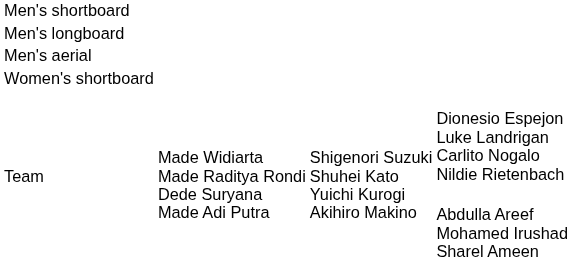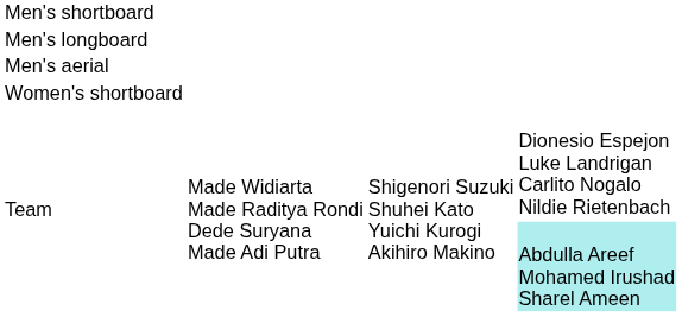 <table>
 <tr>
 <td rowspan=2>Men's shortboard</td>
 <td rowspan=2></td>
 <td rowspan=2></td>
 <td></td>
 </tr>
 <tr>
 <td></td>
 </tr>
 <tr>
 <td rowspan=2>Men's longboard</td>
 <td rowspan=2></td>
 <td rowspan=2></td>
 <td></td>
 </tr>
 <tr>
 <td></td>
 </tr>
 <tr>
 <td rowspan=2>Men's aerial</td>
 <td rowspan=2></td>
 <td rowspan=2></td>
 <td></td>
 </tr>
 <tr>
 <td></td>
 </tr>
 <tr>
 <td rowspan=2>Women's shortboard</td>
 <td rowspan=2></td>
 <td rowspan=2></td>
 <td></td>
 </tr>
 <tr>
 <td></td>
 </tr>
 <tr>
 <td rowspan=2>Team</td>
 <td rowspan=2><br>Made Widiarta<br>Made Raditya Rondi<br>Dede Suryana<br>Made Adi Putra</td>
 <td rowspan=2><br>Shigenori Suzuki<br>Shuhei Kato<br>Yuichi Kurogi<br>Akihiro Makino</td>
 <td><br>Dionesio Espejon<br>Luke Landrigan<br>Carlito Nogalo<br>Nildie Rietenbach</td>
 </tr>
 <tr>
-<td><br>Abdulla Areef<br>Mohamed Irushad<br>Sharel Ameen</td>
+<td style="background: paleturquoise;"><br>Abdulla Areef<br>Mohamed Irushad<br>Sharel Ameen</td>
 </tr>
 </table>
